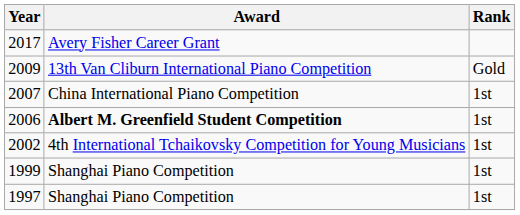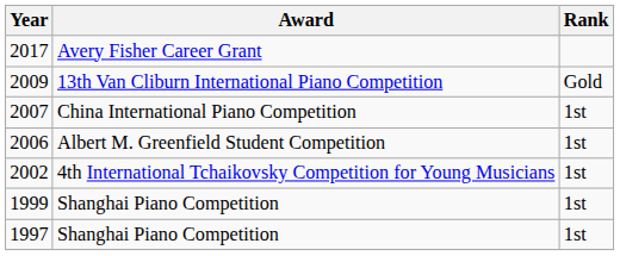 <table class="wikitable">
 <tr>
 <th>Year</th>
 <th>Award</th>
 <th>Rank</th>
 </tr>
 <tr>
 <td>2017</td>
 <td><a href='#'>Avery Fisher Career Grant</a></td>
 <td></td>
 </tr>
 <tr>
 <td>2009</td>
 <td><a href='#'>13th Van Cliburn International Piano Competition</a></td>
 <td>Gold</td>
 </tr>
 <tr>
 <td>2007</td>
 <td>China International Piano Competition</td>
 <td>1st</td>
 </tr>
 <tr>
 <td>2006</td>
-<td><strong>Albert M. Greenfield Student Competition</strong></td>
+<td>Albert M. Greenfield Student Competition</td>
 <td>1st</td>
 </tr>
 <tr>
 <td>2002</td>
 <td>4th <a href='#'>International Tchaikovsky Competition for Young Musicians</a></td>
 <td>1st</td>
 </tr>
 <tr>
 <td>1999</td>
 <td>Shanghai Piano Competition</td>
 <td>1st</td>
 </tr>
 <tr>
 <td>1997</td>
 <td>Shanghai Piano Competition</td>
 <td>1st</td>
 </tr>
 <tr>
 </tr>
 </table>
